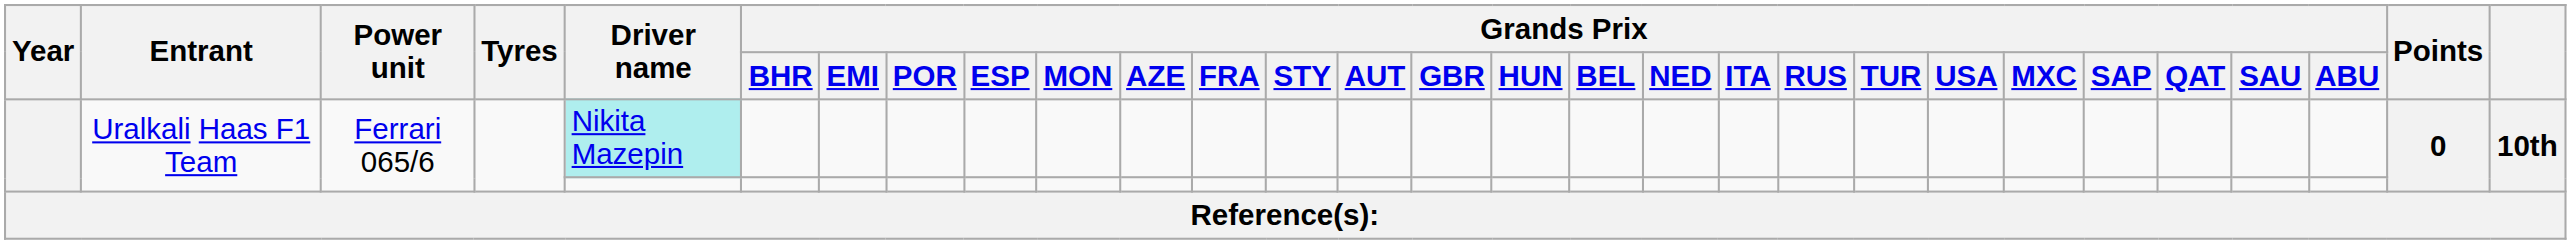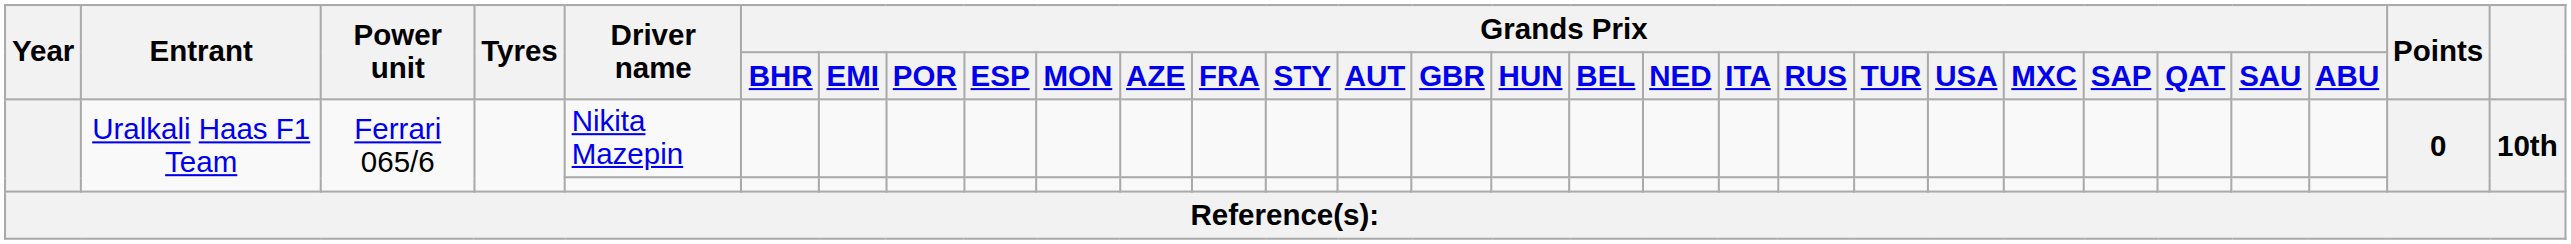 <table class="wikitable" style="text-align:center; font-size:90%">
 <tr>
 <th rowspan="2">Year</th>
 <th rowspan="2">Entrant</th>
 <th rowspan="2">Power unit</th>
 <th rowspan="2">Tyres</th>
 <th rowspan="2">Driver name</th>
 <th colspan="22">Grands Prix</th>
 <th rowspan="2">Points</th>
 <th rowspan="2"></th>
 </tr>
 <tr>
 <th><a href='#'>BHR</a></th>
 <th><a href='#'>EMI</a></th>
 <th><a href='#'>POR</a></th>
 <th><a href='#'>ESP</a></th>
 <th><a href='#'>MON</a></th>
 <th><a href='#'>AZE</a></th>
 <th><a href='#'>FRA</a></th>
 <th><a href='#'>STY</a></th>
 <th><a href='#'>AUT</a></th>
 <th><a href='#'>GBR</a></th>
 <th><a href='#'>HUN</a></th>
 <th><a href='#'>BEL</a></th>
 <th><a href='#'>NED</a></th>
 <th><a href='#'>ITA</a></th>
 <th><a href='#'>RUS</a></th>
 <th><a href='#'>TUR</a></th>
 <th><a href='#'>USA</a></th>
 <th><a href='#'>MXC</a></th>
 <th><a href='#'>SAP</a></th>
 <th><a href='#'>QAT</a></th>
 <th><a href='#'>SAU</a></th>
 <th><a href='#'>ABU</a></th>
 </tr>
 <tr>
 <th rowspan="2"></th>
 <td rowspan="2"><a href='#'>Uralkali</a> <a href='#'>Haas F1 Team</a></td>
 <td rowspan="2"><a href='#'>Ferrari</a> 065/6<br></td>
 <td rowspan="2"></td>
-<td align=left style="background: paleturquoise;"><a href='#'>Nikita Mazepin</a></td>
+<td align=left><a href='#'>Nikita Mazepin</a></td>
 <td></td>
 <td></td>
 <td></td>
 <td></td>
 <td></td>
 <td></td>
 <td></td>
 <td></td>
 <td></td>
 <td></td>
 <td></td>
 <td></td>
 <td></td>
 <td></td>
 <td></td>
 <td></td>
 <td></td>
 <td></td>
 <td></td>
 <td></td>
 <td></td>
 <td></td>
 <th rowspan="2">0</th>
 <th rowspan="2">10th</th>
 </tr>
 <tr>
 <td align=left></td>
 <td></td>
 <td></td>
 <td></td>
 <td></td>
 <td></td>
 <td></td>
 <td></td>
 <td></td>
 <td></td>
 <td></td>
 <td></td>
 <td></td>
 <td></td>
 <td></td>
 <td></td>
 <td></td>
 <td></td>
 <td></td>
 <td></td>
 <td></td>
 <td></td>
 <td></td>
 </tr>
 <tr>
 <th colspan="29">Reference(s):</th>
 </tr>
 </table>
